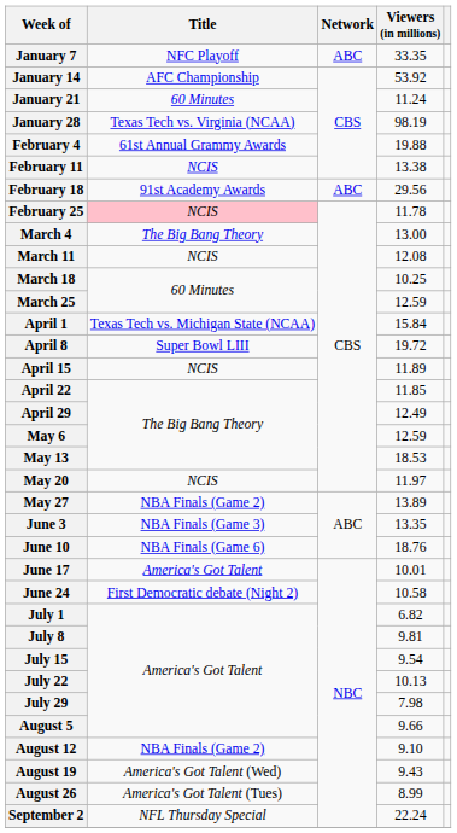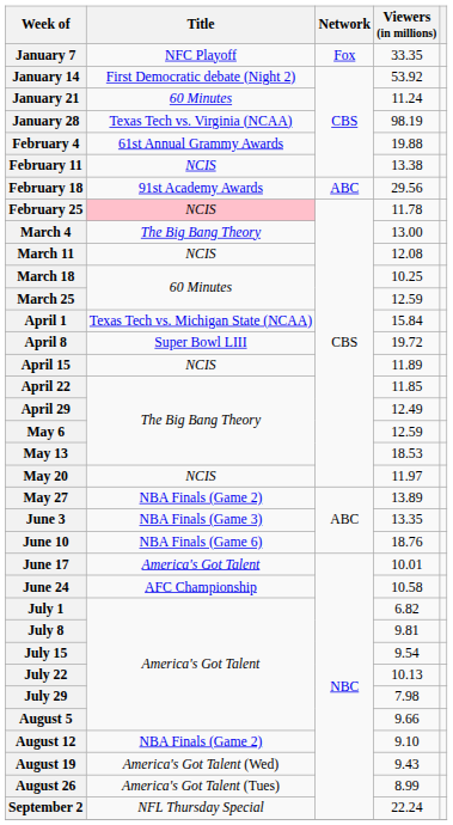 <table class="wikitable sortable plainrowheaders" style="text-align: center; display: inline-table;">
 <tr>
 <th>Week of</th>
 <th>Title</th>
 <th>Network</th>
 <th>Viewers<br><small>(in millions)</small></th>
 <th></th>
 </tr>
 <tr>
 <th scope="row">January 7</th>
 <td><a href='#'>NFC Playoff</a></td>
-<td><a href='#'>ABC</a></td>
+<td><a href='#'>Fox</a></td>
 <td>33.35</td>
 <td></td>
 </tr>
 <tr>
 <th scope="row">January 14</th>
-<td><a href='#'>AFC Championship</a></td>
+<td><a href='#'>First Democratic debate (Night 2)</a></td>
 <td rowspan="5"><a href='#'>CBS</a></td>
 <td>53.92</td>
 <td></td>
 </tr>
 <tr>
 <th scope="row">January 21</th>
 <td><em><a href='#'>60 Minutes</a></em></td>
 <td>11.24</td>
 <td></td>
 </tr>
 <tr>
 <th scope="row">January 28</th>
 <td><a href='#'>Texas Tech vs. Virginia (NCAA)</a></td>
 <td>98.19</td>
 <td></td>
 </tr>
 <tr>
 <th scope="row">February 4</th>
 <td><a href='#'>61st Annual Grammy Awards</a></td>
 <td>19.88</td>
 <td></td>
 </tr>
 <tr>
 <th scope="row">February 11</th>
 <td><em><a href='#'>NCIS</a></em></td>
 <td>13.38</td>
 <td></td>
 </tr>
 <tr>
 <th scope="row">February 18</th>
 <td><a href='#'>91st Academy Awards</a></td>
 <td><a href='#'>ABC</a></td>
 <td>29.56</td>
 <td></td>
 </tr>
 <tr>
 <th scope="row">February 25</th>
 <td style="background: pink;"><em>NCIS</em></td>
 <td rowspan="13">CBS</td>
 <td>11.78</td>
 <td></td>
 </tr>
 <tr>
 <th scope="row">March 4</th>
 <td><em><a href='#'>The Big Bang Theory</a></em></td>
 <td>13.00</td>
 <td></td>
 </tr>
 <tr>
 <th scope="row">March 11</th>
 <td><em>NCIS</em></td>
 <td>12.08</td>
 <td></td>
 </tr>
 <tr>
 <th scope="row">March 18</th>
 <td rowspan="2"><em>60 Minutes</em></td>
 <td>10.25</td>
 <td></td>
 </tr>
 <tr>
 <th scope="row">March 25</th>
 <td>12.59</td>
 <td></td>
 </tr>
 <tr>
 <th scope="row">April 1</th>
 <td><a href='#'>Texas Tech vs. Michigan State (NCAA)</a></td>
 <td>15.84</td>
 <td></td>
 </tr>
 <tr>
 <th scope="row">April 8</th>
 <td><a href='#'>Super Bowl LIII</a></td>
 <td>19.72</td>
 <td></td>
 </tr>
 <tr>
 <th scope="row">April 15</th>
 <td><em>NCIS</em></td>
 <td>11.89</td>
 <td></td>
 </tr>
 <tr>
 <th scope="row">April 22</th>
 <td rowspan="4"><em>The Big Bang Theory</em></td>
 <td>11.85</td>
 <td></td>
 </tr>
 <tr>
 <th scope="row">April 29</th>
 <td>12.49</td>
 <td></td>
 </tr>
 <tr>
 <th scope="row">May 6</th>
 <td>12.59</td>
 <td></td>
 </tr>
 <tr>
 <th scope="row">May 13</th>
 <td>18.53</td>
 <td></td>
 </tr>
 <tr>
 <th scope="row">May 20</th>
 <td><em>NCIS</em></td>
 <td>11.97</td>
 <td></td>
 </tr>
 <tr>
 <th scope="row">May 27</th>
 <td><a href='#'>NBA Finals (Game 2)</a></td>
 <td rowspan="3">ABC</td>
 <td>13.89</td>
 <td></td>
 </tr>
 <tr>
 <th scope="row">June 3</th>
 <td><a href='#'>NBA Finals (Game 3)</a></td>
 <td>13.35</td>
 <td></td>
 </tr>
 <tr>
 <th scope="row">June 10</th>
 <td><a href='#'>NBA Finals (Game 6)</a></td>
 <td>18.76</td>
 <td></td>
 </tr>
 <tr>
 <th scope="row">June 17</th>
 <td><em><a href='#'>America's Got Talent</a></em></td>
 <td rowspan="12"><a href='#'>NBC</a></td>
 <td>10.01</td>
 <td></td>
 </tr>
 <tr>
 <th scope="row">June 24</th>
-<td><a href='#'>First Democratic debate (Night 2)</a></td>
+<td><a href='#'>AFC Championship</a></td>
 <td>10.58</td>
 <td></td>
 </tr>
 <tr>
 <th scope="row">July 1</th>
 <td rowspan="6"><em>America's Got Talent</em></td>
 <td>6.82</td>
 <td></td>
 </tr>
 <tr>
 <th scope="row">July 8</th>
 <td>9.81</td>
 <td></td>
 </tr>
 <tr>
 <th scope="row">July 15</th>
 <td>9.54</td>
 <td></td>
 </tr>
 <tr>
 <th scope="row">July 22</th>
 <td>10.13</td>
 <td></td>
 </tr>
 <tr>
 <th scope="row">July 29</th>
 <td>7.98</td>
 <td></td>
 </tr>
 <tr>
 <th scope="row">August 5</th>
 <td>9.66</td>
 <td></td>
 </tr>
 <tr>
 <th scope="row">August 12</th>
 <td><a href='#'>NBA Finals (Game 2)</a></td>
 <td>9.10</td>
 <td></td>
 </tr>
 <tr>
 <th scope="row">August 19</th>
 <td><em>America's Got Talent</em> (Wed)</td>
 <td>9.43</td>
 <td></td>
 </tr>
 <tr>
 <th scope="row">August 26</th>
 <td><em>America's Got Talent</em> (Tues)</td>
 <td>8.99</td>
 <td></td>
 </tr>
 <tr>
 <th scope="row">September 2</th>
 <td><em>NFL Thursday Special</em></td>
 <td>22.24</td>
 <td></td>
 </tr>
 <tr>
 </tr>
 </table>
